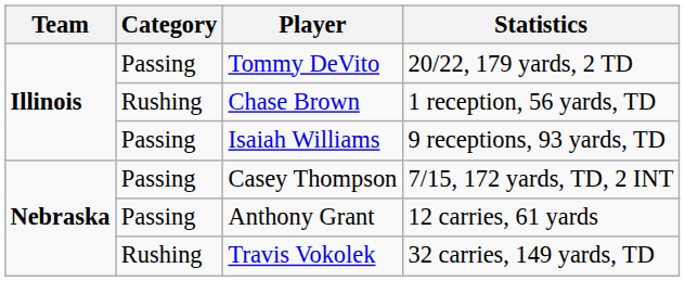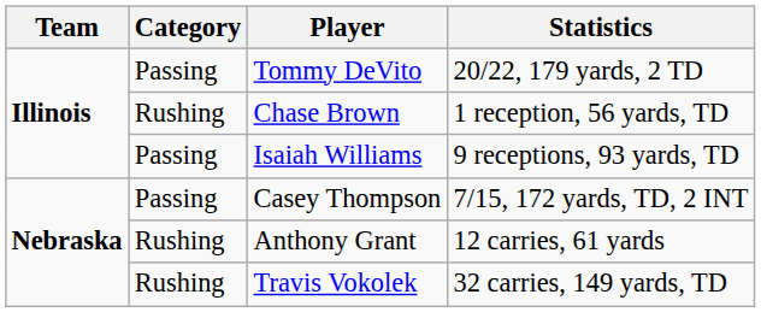 <table class="wikitable" style="float: right;">
 <tr>
 <th>Team</th>
 <th>Category</th>
 <th>Player</th>
 <th>Statistics</th>
 </tr>
 <tr>
 <td rowspan=3><strong>Illinois</strong></td>
 <td>Passing</td>
 <td><a href='#'>Tommy DeVito</a></td>
 <td>20/22, 179 yards, 2 TD</td>
 </tr>
 <tr>
 <td>Rushing</td>
 <td><a href='#'>Chase Brown</a></td>
 <td>1 reception, 56 yards, TD</td>
 </tr>
 <tr>
 <td>Passing</td>
 <td><a href='#'>Isaiah Williams</a></td>
 <td>9 receptions, 93 yards, TD</td>
 </tr>
 <tr>
 <td rowspan=3><strong>Nebraska</strong></td>
 <td>Passing</td>
 <td>Casey Thompson</td>
 <td>7/15, 172 yards, TD, 2 INT</td>
 </tr>
 <tr>
-<td>Passing</td>
+<td>Rushing</td>
 <td>Anthony Grant</td>
 <td>12 carries, 61 yards</td>
 </tr>
 <tr>
 <td>Rushing</td>
 <td><a href='#'>Travis Vokolek</a></td>
 <td>32 carries, 149 yards, TD</td>
 </tr>
 </table>
